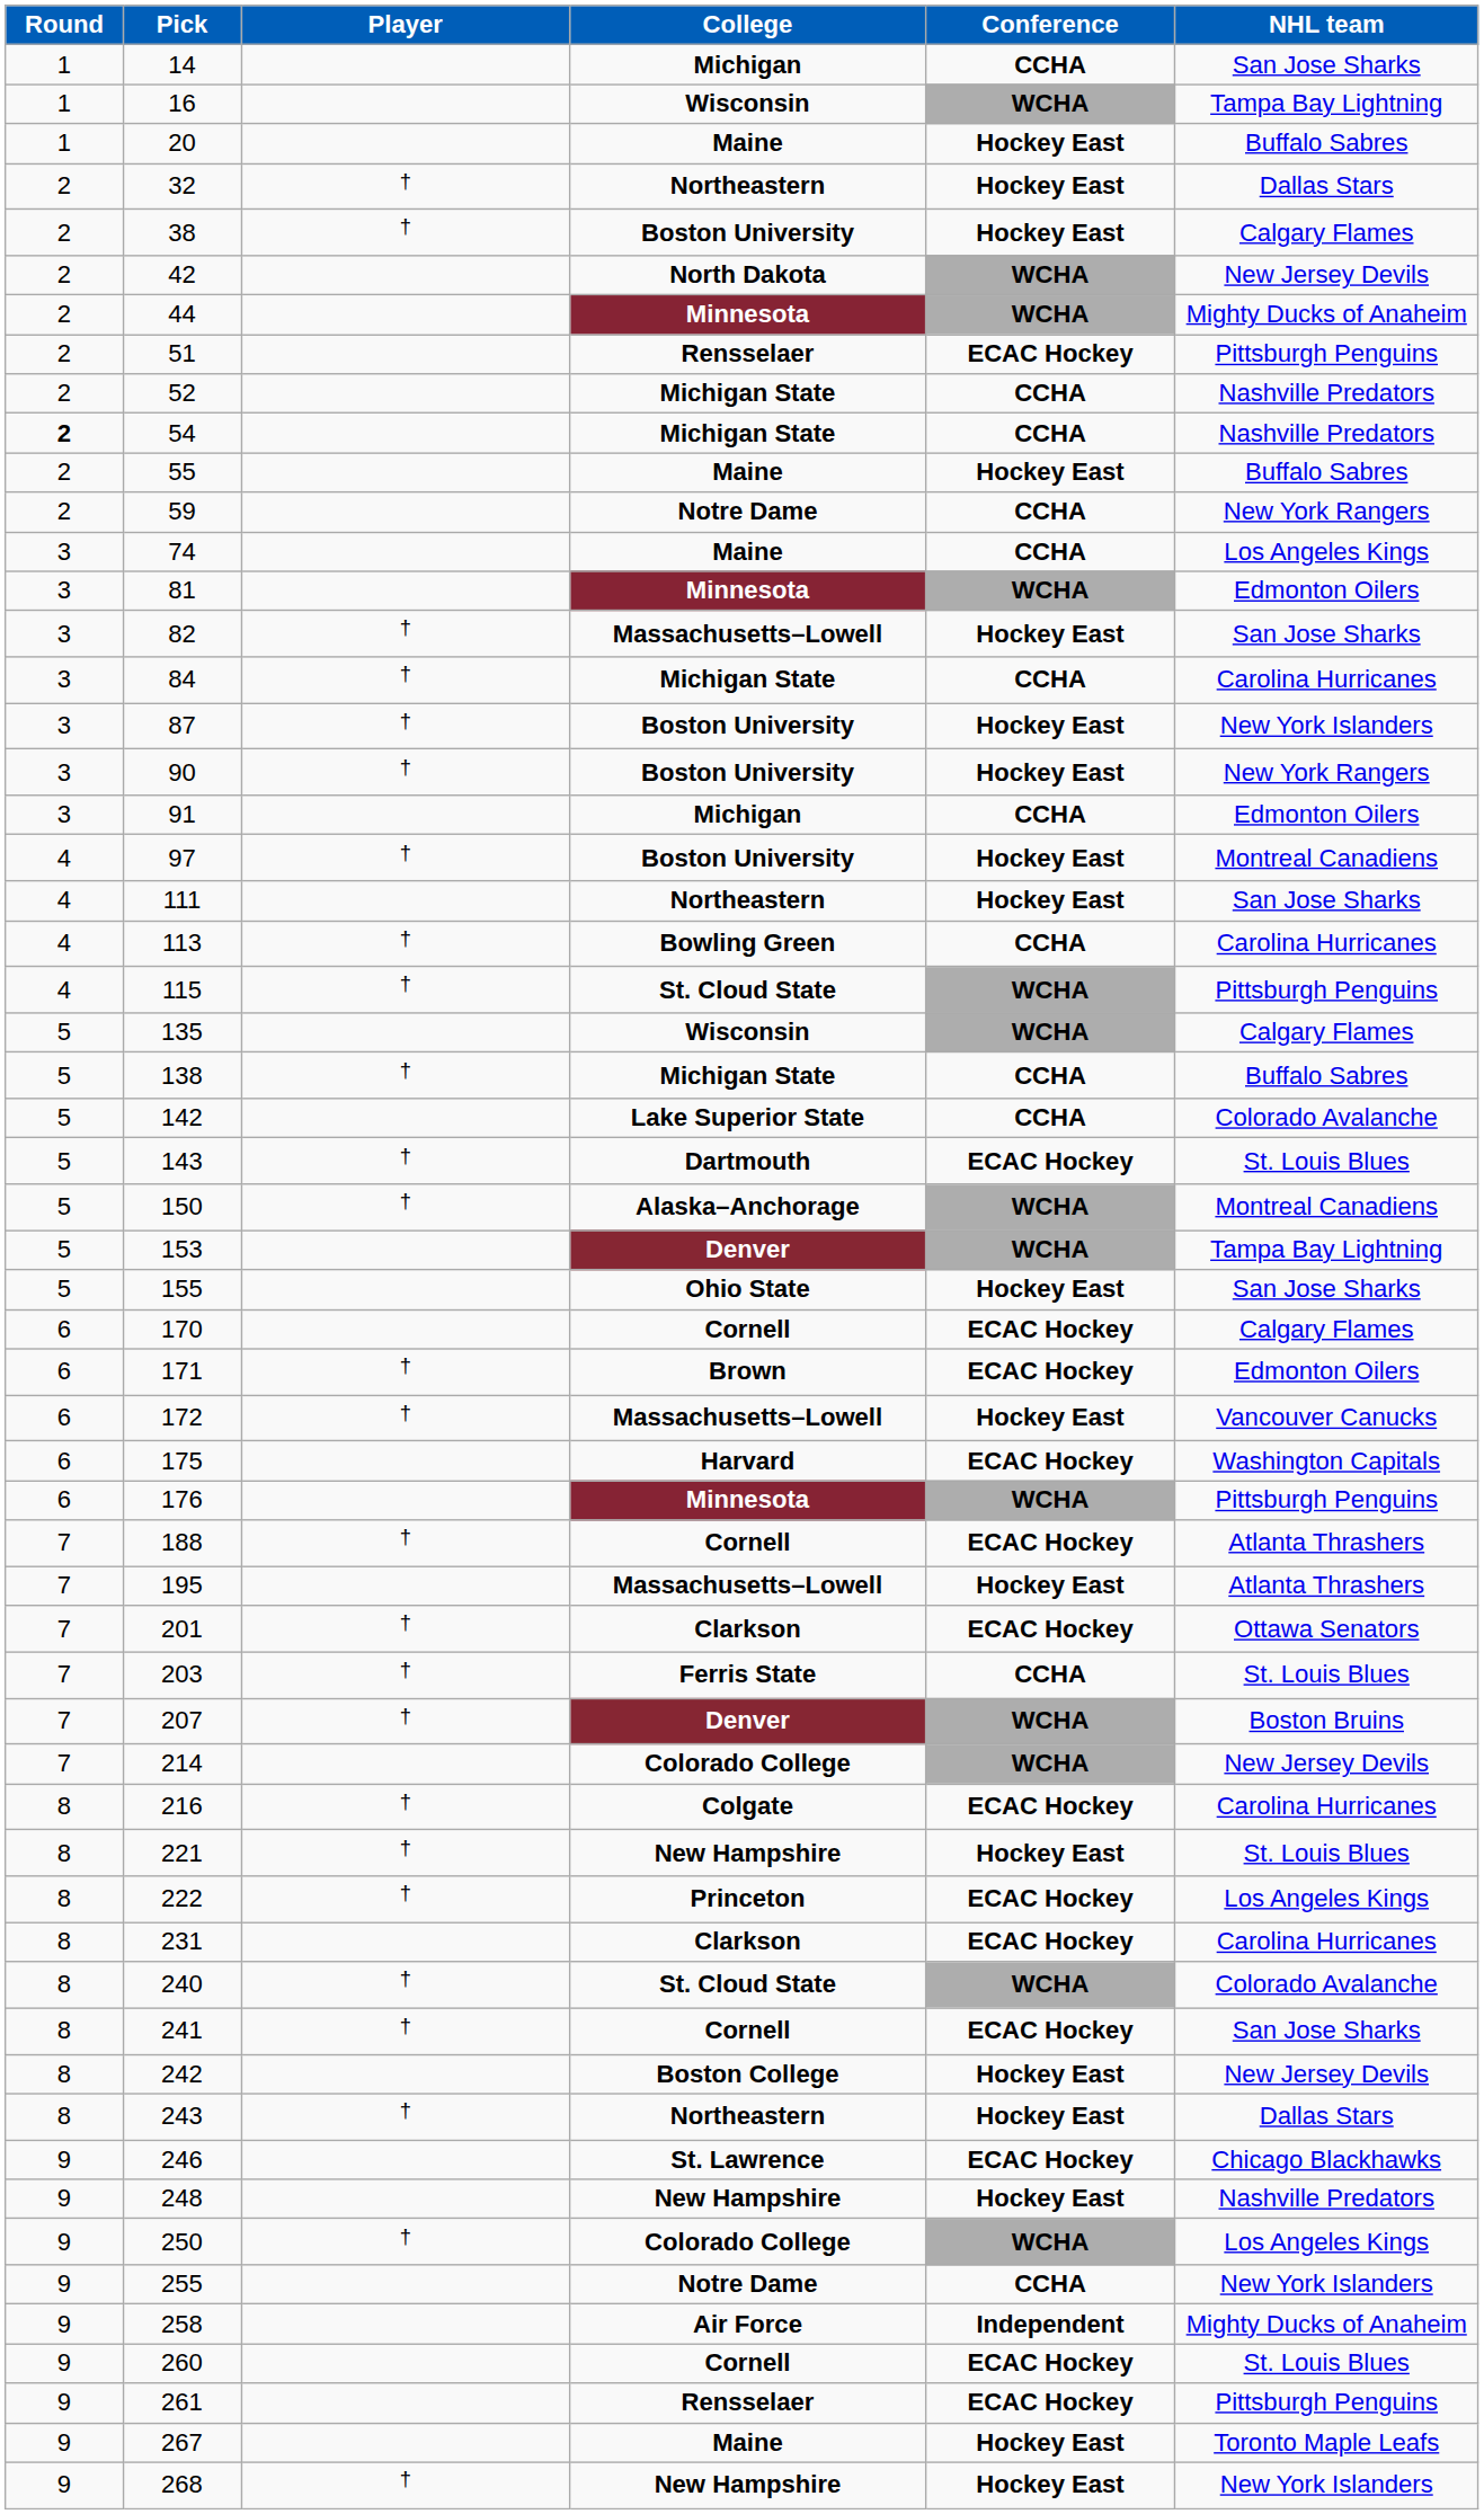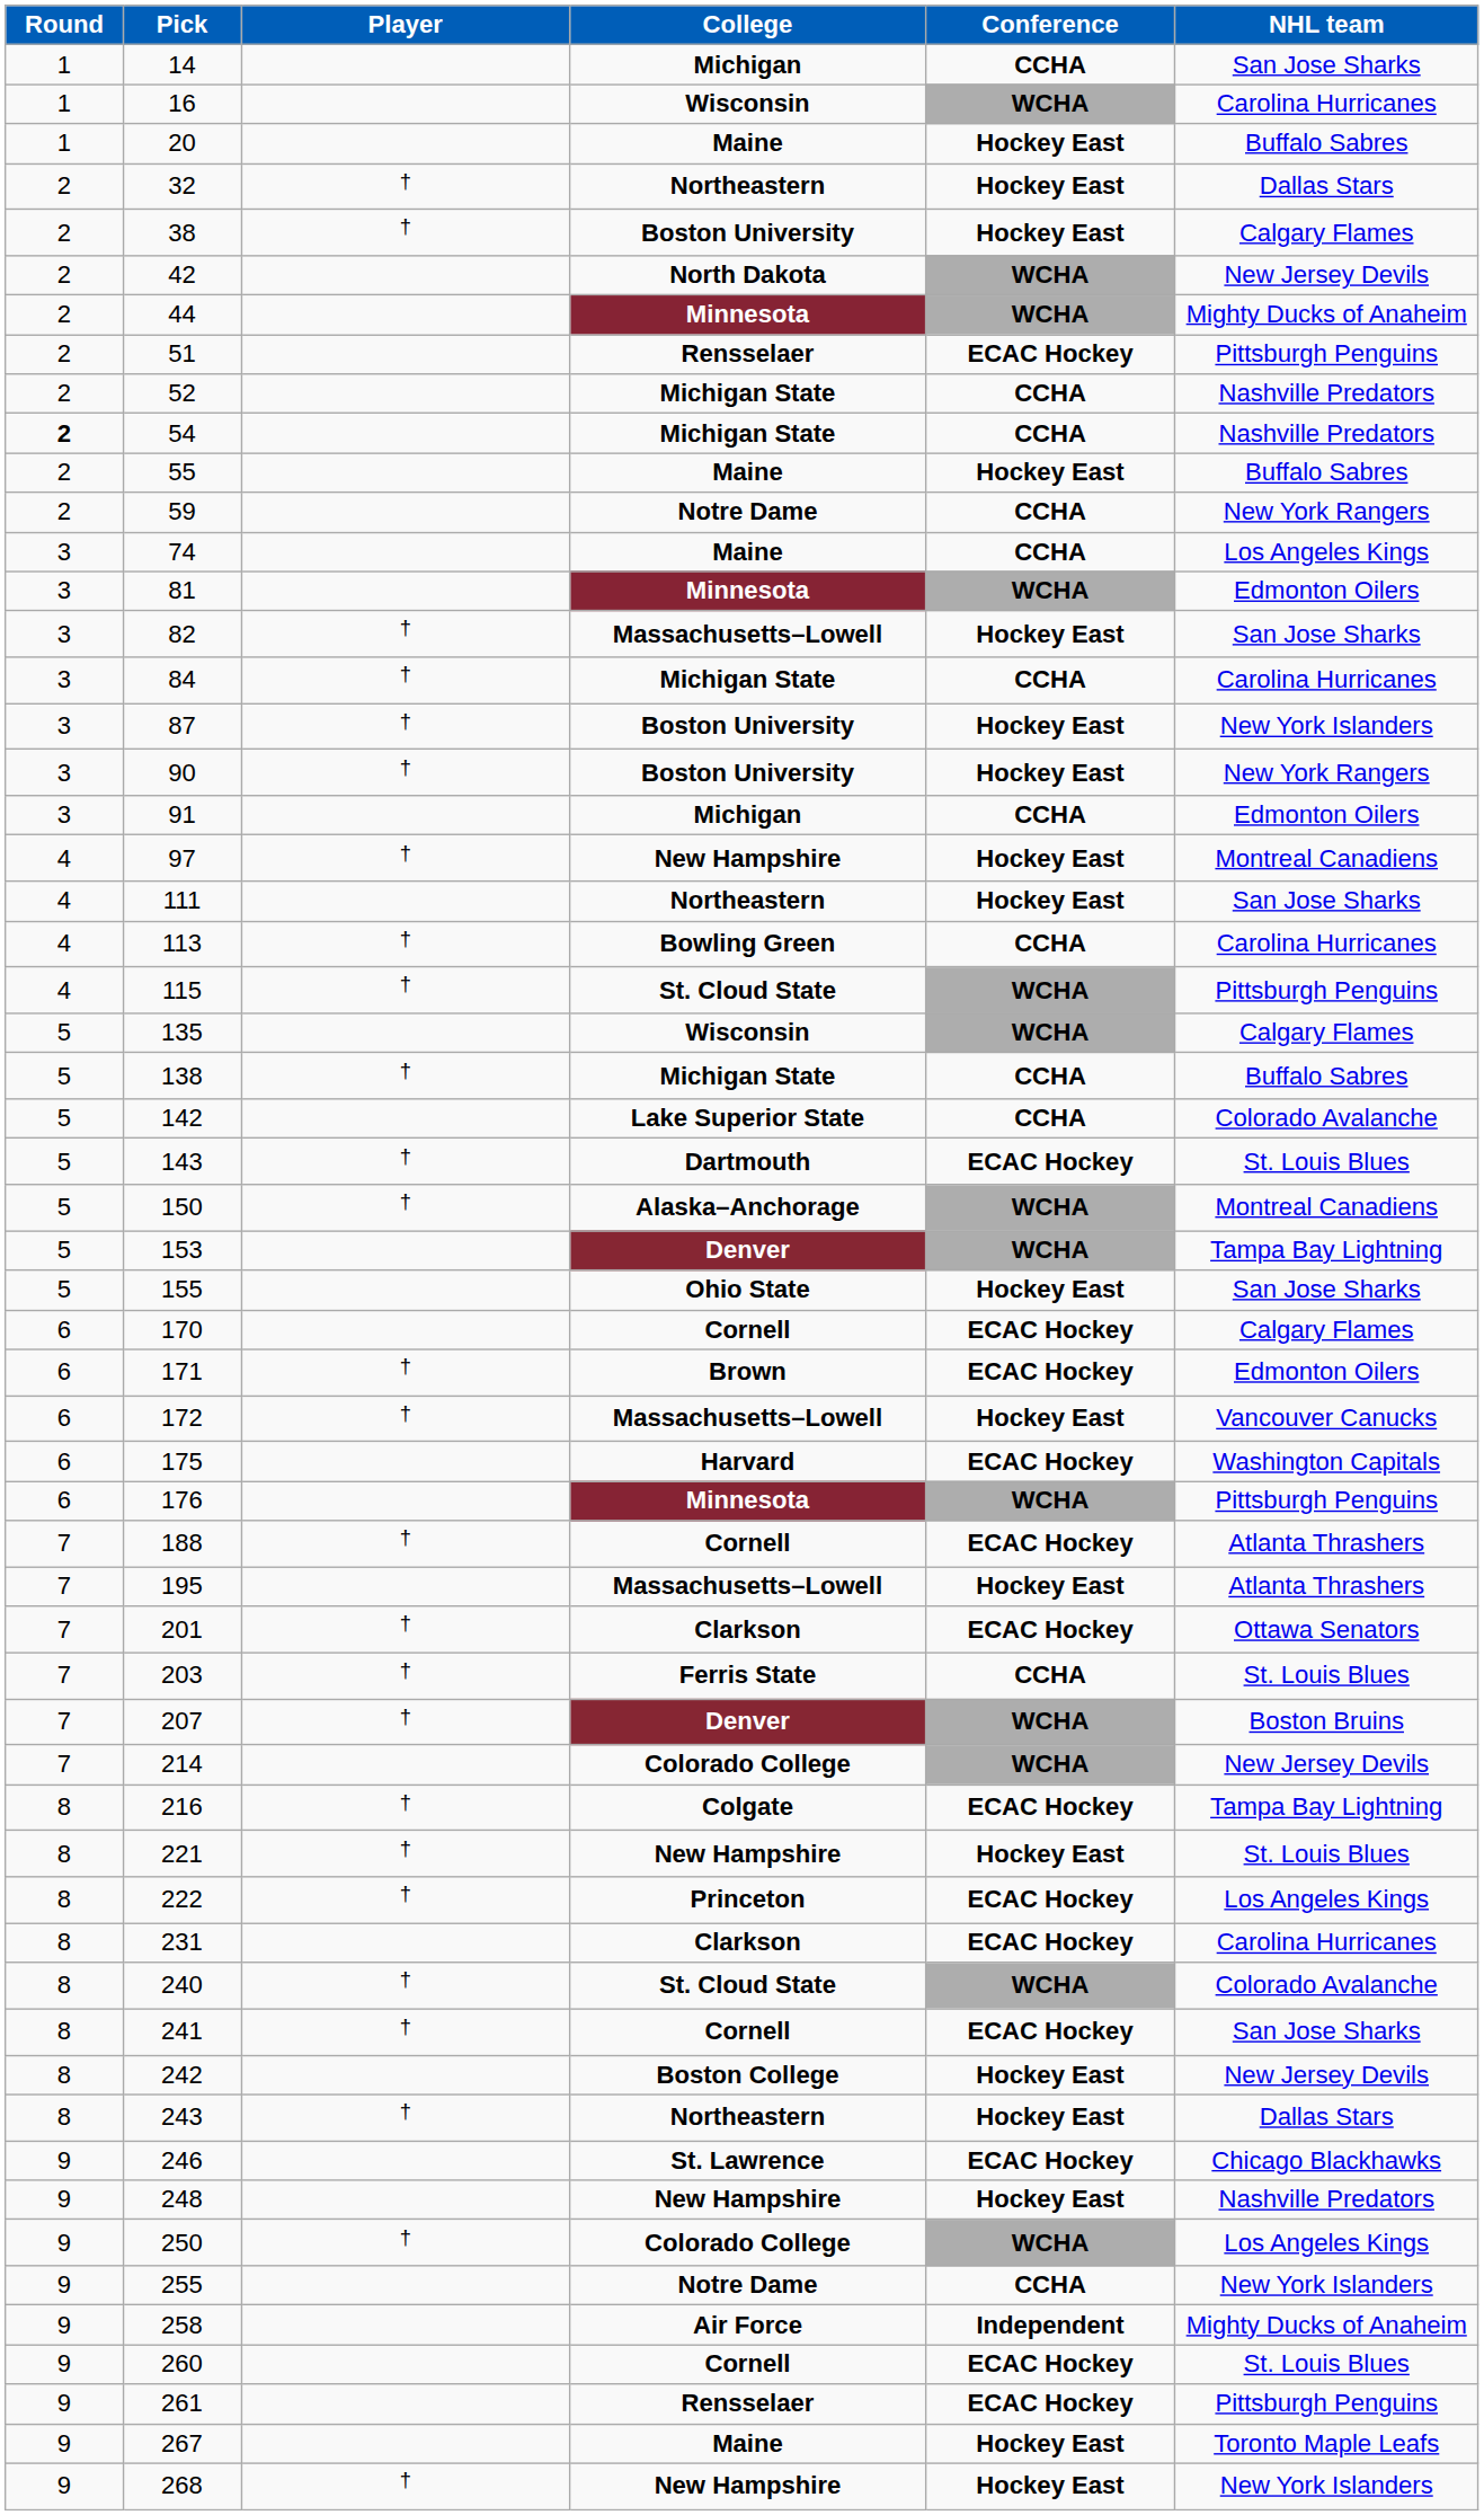 <table class="wikitable sortable" width="75%">
 <tr>
 <th style="color:white; background-color:#005EB8; width: 4em;">Round</th>
 <th style="color:white; background-color:#005EB8; width: 4em;">Pick</th>
 <th style="color:white; background-color:#005EB8; width: 12em;">Player</th>
 <th style="color:white; background-color:#005EB8; width: 13em;">College</th>
 <th style="color:white; background-color:#005EB8; width: 9em;">Conference</th>
 <th style="color:white; background-color:#005EB8; width: 11em;">NHL team</th>
 </tr>
 <tr align="center" bgcolor="">
 <td>1</td>
 <td>14</td>
 <td></td>
 <td><strong>Michigan</strong></td>
 <td><strong>CCHA</strong></td>
 <td><a href='#'>San Jose Sharks</a></td>
 </tr>
 <tr align="center" bgcolor="">
 <td>1</td>
 <td>16</td>
 <td></td>
 <td><strong>Wisconsin</strong></td>
 <td style="color:black; background:#ADADAD; "><strong>WCHA</strong></td>
-<td><a href='#'>Tampa Bay Lightning</a></td>
+<td><a href='#'>Carolina Hurricanes</a></td>
 </tr>
 <tr align="center" bgcolor="">
 <td>1</td>
 <td>20</td>
 <td></td>
 <td><strong>Maine</strong></td>
 <td><strong>Hockey East</strong></td>
 <td><a href='#'>Buffalo Sabres</a></td>
 </tr>
 <tr align="center" bgcolor="">
 <td>2</td>
 <td>32</td>
 <td> <sup>†</sup></td>
 <td><strong>Northeastern</strong></td>
 <td><strong>Hockey East</strong></td>
 <td><a href='#'>Dallas Stars</a></td>
 </tr>
 <tr align="center" bgcolor="">
 <td>2</td>
 <td>38</td>
 <td> <sup>†</sup></td>
 <td><strong>Boston University</strong></td>
 <td><strong>Hockey East</strong></td>
 <td><a href='#'>Calgary Flames</a></td>
 </tr>
 <tr align="center" bgcolor="">
 <td>2</td>
 <td>42</td>
 <td></td>
 <td><strong>North Dakota</strong></td>
 <td style="color:black; background:#ADADAD; "><strong>WCHA</strong></td>
 <td><a href='#'>New Jersey Devils</a></td>
 </tr>
 <tr align="center" bgcolor="">
 <td>2</td>
 <td>44</td>
 <td></td>
 <td style="color:white; background:#862334; "><strong>Minnesota</strong></td>
 <td style="color:black; background:#ADADAD; "><strong>WCHA</strong></td>
 <td><a href='#'>Mighty Ducks of Anaheim</a></td>
 </tr>
 <tr align="center" bgcolor="">
 <td>2</td>
 <td>51</td>
 <td></td>
 <td><strong>Rensselaer</strong></td>
 <td><strong>ECAC Hockey</strong></td>
 <td><a href='#'>Pittsburgh Penguins</a></td>
 </tr>
 <tr align="center" bgcolor="">
 <td>2</td>
 <td>52</td>
 <td></td>
 <td><strong>Michigan State</strong></td>
 <td><strong>CCHA</strong></td>
 <td><a href='#'>Nashville Predators</a></td>
 </tr>
 <tr align="center" bgcolor="">
 <td><strong>2</strong></td>
 <td>54</td>
 <td></td>
 <td><strong>Michigan State</strong></td>
 <td><strong>CCHA</strong></td>
 <td><a href='#'>Nashville Predators</a></td>
 </tr>
 <tr align="center" bgcolor="">
 <td>2</td>
 <td>55</td>
 <td></td>
 <td><strong>Maine</strong></td>
 <td><strong>Hockey East</strong></td>
 <td><a href='#'>Buffalo Sabres</a></td>
 </tr>
 <tr align="center" bgcolor="">
 <td>2</td>
 <td>59</td>
 <td></td>
 <td><strong>Notre Dame</strong></td>
 <td><strong>CCHA</strong></td>
 <td><a href='#'>New York Rangers</a></td>
 </tr>
 <tr align="center" bgcolor="">
 <td>3</td>
 <td>74</td>
 <td></td>
 <td><strong>Maine</strong></td>
 <td><strong>CCHA</strong></td>
 <td><a href='#'>Los Angeles Kings</a></td>
 </tr>
 <tr align="center" bgcolor="">
 <td>3</td>
 <td>81</td>
 <td></td>
 <td style="color:white; background:#862334; "><strong>Minnesota</strong></td>
 <td style="color:black; background:#ADADAD; "><strong>WCHA</strong></td>
 <td><a href='#'>Edmonton Oilers</a></td>
 </tr>
 <tr align="center" bgcolor="">
 <td>3</td>
 <td>82</td>
 <td> <sup>†</sup></td>
 <td><strong>Massachusetts–Lowell</strong></td>
 <td><strong>Hockey East</strong></td>
 <td><a href='#'>San Jose Sharks</a></td>
 </tr>
 <tr align="center" bgcolor="">
 <td>3</td>
 <td>84</td>
 <td> <sup>†</sup></td>
 <td><strong>Michigan State</strong></td>
 <td><strong>CCHA</strong></td>
 <td><a href='#'>Carolina Hurricanes</a></td>
 </tr>
 <tr align="center" bgcolor="">
 <td>3</td>
 <td>87</td>
 <td> <sup>†</sup></td>
 <td><strong>Boston University</strong></td>
 <td><strong>Hockey East</strong></td>
 <td><a href='#'>New York Islanders</a></td>
 </tr>
 <tr align="center" bgcolor="">
 <td>3</td>
 <td>90</td>
 <td> <sup>†</sup></td>
 <td><strong>Boston University</strong></td>
 <td><strong>Hockey East</strong></td>
 <td><a href='#'>New York Rangers</a></td>
 </tr>
 <tr align="center" bgcolor="">
 <td>3</td>
 <td>91</td>
 <td></td>
 <td><strong>Michigan</strong></td>
 <td><strong>CCHA</strong></td>
 <td><a href='#'>Edmonton Oilers</a></td>
 </tr>
 <tr align="center" bgcolor="">
 <td>4</td>
 <td>97</td>
 <td> <sup>†</sup></td>
-<td><strong>Boston University</strong></td>
+<td><strong>New Hampshire</strong></td>
 <td><strong>Hockey East</strong></td>
 <td><a href='#'>Montreal Canadiens</a></td>
 </tr>
 <tr align="center" bgcolor="">
 <td>4</td>
 <td>111</td>
 <td></td>
 <td><strong>Northeastern</strong></td>
 <td><strong>Hockey East</strong></td>
 <td><a href='#'>San Jose Sharks</a></td>
 </tr>
 <tr align="center" bgcolor="">
 <td>4</td>
 <td>113</td>
 <td> <sup>†</sup></td>
 <td><strong>Bowling Green</strong></td>
 <td><strong>CCHA</strong></td>
 <td><a href='#'>Carolina Hurricanes</a></td>
 </tr>
 <tr align="center" bgcolor="">
 <td>4</td>
 <td>115</td>
 <td> <sup>†</sup></td>
 <td><strong>St. Cloud State</strong></td>
 <td style="color:black; background:#ADADAD; "><strong>WCHA</strong></td>
 <td><a href='#'>Pittsburgh Penguins</a></td>
 </tr>
 <tr align="center" bgcolor="">
 <td>5</td>
 <td>135</td>
 <td></td>
 <td><strong>Wisconsin</strong></td>
 <td style="color:black; background:#ADADAD; "><strong>WCHA</strong></td>
 <td><a href='#'>Calgary Flames</a></td>
 </tr>
 <tr align="center" bgcolor="">
 <td>5</td>
 <td>138</td>
 <td> <sup>†</sup></td>
 <td><strong>Michigan State</strong></td>
 <td><strong>CCHA</strong></td>
 <td><a href='#'>Buffalo Sabres</a></td>
 </tr>
 <tr align="center" bgcolor="">
 <td>5</td>
 <td>142</td>
 <td></td>
 <td><strong>Lake Superior State</strong></td>
 <td><strong>CCHA</strong></td>
 <td><a href='#'>Colorado Avalanche</a></td>
 </tr>
 <tr align="center" bgcolor="">
 <td>5</td>
 <td>143</td>
 <td> <sup>†</sup></td>
 <td><strong>Dartmouth</strong></td>
 <td><strong>ECAC Hockey</strong></td>
 <td><a href='#'>St. Louis Blues</a></td>
 </tr>
 <tr align="center" bgcolor="">
 <td>5</td>
 <td>150</td>
 <td> <sup>†</sup></td>
 <td><strong>Alaska–Anchorage</strong></td>
 <td style="color:black; background:#ADADAD; "><strong>WCHA</strong></td>
 <td><a href='#'>Montreal Canadiens</a></td>
 </tr>
 <tr align="center" bgcolor="">
 <td>5</td>
 <td>153</td>
 <td></td>
 <td style="color:white; background:#862633; "><strong>Denver</strong></td>
 <td style="color:black; background:#ADADAD; "><strong>WCHA</strong></td>
 <td><a href='#'>Tampa Bay Lightning</a></td>
 </tr>
 <tr align="center" bgcolor="">
 <td>5</td>
 <td>155</td>
 <td></td>
 <td><strong>Ohio State</strong></td>
 <td><strong>Hockey East</strong></td>
 <td><a href='#'>San Jose Sharks</a></td>
 </tr>
 <tr align="center" bgcolor="">
 <td>6</td>
 <td>170</td>
 <td></td>
 <td><strong>Cornell</strong></td>
 <td><strong>ECAC Hockey</strong></td>
 <td><a href='#'>Calgary Flames</a></td>
 </tr>
 <tr align="center" bgcolor="">
 <td>6</td>
 <td>171</td>
 <td> <sup>†</sup></td>
 <td><strong>Brown</strong></td>
 <td><strong>ECAC Hockey</strong></td>
 <td><a href='#'>Edmonton Oilers</a></td>
 </tr>
 <tr align="center" bgcolor="">
 <td>6</td>
 <td>172</td>
 <td> <sup>†</sup></td>
 <td><strong>Massachusetts–Lowell</strong></td>
 <td><strong>Hockey East</strong></td>
 <td><a href='#'>Vancouver Canucks</a></td>
 </tr>
 <tr align="center" bgcolor="">
 <td>6</td>
 <td>175</td>
 <td></td>
 <td><strong>Harvard</strong></td>
 <td><strong>ECAC Hockey</strong></td>
 <td><a href='#'>Washington Capitals</a></td>
 </tr>
 <tr align="center" bgcolor="">
 <td>6</td>
 <td>176</td>
 <td></td>
 <td style="color:white; background:#862334; "><strong>Minnesota</strong></td>
 <td style="color:black; background:#ADADAD; "><strong>WCHA</strong></td>
 <td><a href='#'>Pittsburgh Penguins</a></td>
 </tr>
 <tr align="center" bgcolor="">
 <td>7</td>
 <td>188</td>
 <td> <sup>†</sup></td>
 <td><strong>Cornell</strong></td>
 <td><strong>ECAC Hockey</strong></td>
 <td><a href='#'>Atlanta Thrashers</a></td>
 </tr>
 <tr align="center" bgcolor="">
 <td>7</td>
 <td>195</td>
 <td></td>
 <td><strong>Massachusetts–Lowell</strong></td>
 <td><strong>Hockey East</strong></td>
 <td><a href='#'>Atlanta Thrashers</a></td>
 </tr>
 <tr align="center" bgcolor="">
 <td>7</td>
 <td>201</td>
 <td> <sup>†</sup></td>
 <td><strong>Clarkson</strong></td>
 <td><strong>ECAC Hockey</strong></td>
 <td><a href='#'>Ottawa Senators</a></td>
 </tr>
 <tr align="center" bgcolor="">
 <td>7</td>
 <td>203</td>
 <td> <sup>†</sup></td>
 <td><strong>Ferris State</strong></td>
 <td><strong>CCHA</strong></td>
 <td><a href='#'>St. Louis Blues</a></td>
 </tr>
 <tr align="center" bgcolor="">
 <td>7</td>
 <td>207</td>
 <td> <sup>†</sup></td>
 <td style="color:white; background:#862633; "><strong>Denver</strong></td>
 <td style="color:black; background:#ADADAD; "><strong>WCHA</strong></td>
 <td><a href='#'>Boston Bruins</a></td>
 </tr>
 <tr align="center" bgcolor="">
 <td>7</td>
 <td>214</td>
 <td></td>
 <td><strong>Colorado College</strong></td>
 <td style="color:black; background:#ADADAD; "><strong>WCHA</strong></td>
 <td><a href='#'>New Jersey Devils</a></td>
 </tr>
 <tr align="center" bgcolor="">
 <td>8</td>
 <td>216</td>
 <td> <sup>†</sup></td>
 <td><strong>Colgate</strong></td>
 <td><strong>ECAC Hockey</strong></td>
-<td><a href='#'>Carolina Hurricanes</a></td>
+<td><a href='#'>Tampa Bay Lightning</a></td>
 </tr>
 <tr align="center" bgcolor="">
 <td>8</td>
 <td>221</td>
 <td> <sup>†</sup></td>
 <td><strong>New Hampshire</strong></td>
 <td><strong>Hockey East</strong></td>
 <td><a href='#'>St. Louis Blues</a></td>
 </tr>
 <tr align="center" bgcolor="">
 <td>8</td>
 <td>222</td>
 <td> <sup>†</sup></td>
 <td><strong>Princeton</strong></td>
 <td><strong>ECAC Hockey</strong></td>
 <td><a href='#'>Los Angeles Kings</a></td>
 </tr>
 <tr align="center" bgcolor="">
 <td>8</td>
 <td>231</td>
 <td></td>
 <td><strong>Clarkson</strong></td>
 <td><strong>ECAC Hockey</strong></td>
 <td><a href='#'>Carolina Hurricanes</a></td>
 </tr>
 <tr align="center" bgcolor="">
 <td>8</td>
 <td>240</td>
 <td> <sup>†</sup></td>
 <td><strong>St. Cloud State</strong></td>
 <td style="color:black; background:#ADADAD; "><strong>WCHA</strong></td>
 <td><a href='#'>Colorado Avalanche</a></td>
 </tr>
 <tr align="center" bgcolor="">
 <td>8</td>
 <td>241</td>
 <td> <sup>†</sup></td>
 <td><strong>Cornell</strong></td>
 <td><strong>ECAC Hockey</strong></td>
 <td><a href='#'>San Jose Sharks</a></td>
 </tr>
 <tr align="center" bgcolor="">
 <td>8</td>
 <td>242</td>
 <td></td>
 <td><strong>Boston College</strong></td>
 <td><strong>Hockey East</strong></td>
 <td><a href='#'>New Jersey Devils</a></td>
 </tr>
 <tr align="center" bgcolor="">
 <td>8</td>
 <td>243</td>
 <td> <sup>†</sup></td>
 <td><strong>Northeastern</strong></td>
 <td><strong>Hockey East</strong></td>
 <td><a href='#'>Dallas Stars</a></td>
 </tr>
 <tr align="center" bgcolor="">
 <td>9</td>
 <td>246</td>
 <td></td>
 <td><strong>St. Lawrence</strong></td>
 <td><strong>ECAC Hockey</strong></td>
 <td><a href='#'>Chicago Blackhawks</a></td>
 </tr>
 <tr align="center" bgcolor="">
 <td>9</td>
 <td>248</td>
 <td></td>
 <td><strong>New Hampshire</strong></td>
 <td><strong>Hockey East</strong></td>
 <td><a href='#'>Nashville Predators</a></td>
 </tr>
 <tr align="center" bgcolor="">
 <td>9</td>
 <td>250</td>
 <td> <sup>†</sup></td>
 <td><strong>Colorado College</strong></td>
 <td style="color:black; background:#ADADAD; "><strong>WCHA</strong></td>
 <td><a href='#'>Los Angeles Kings</a></td>
 </tr>
 <tr align="center" bgcolor="">
 <td>9</td>
 <td>255</td>
 <td></td>
 <td><strong>Notre Dame</strong></td>
 <td><strong>CCHA</strong></td>
 <td><a href='#'>New York Islanders</a></td>
 </tr>
 <tr align="center" bgcolor="">
 <td>9</td>
 <td>258</td>
 <td></td>
 <td><strong>Air Force</strong></td>
 <td><strong>Independent</strong></td>
 <td><a href='#'>Mighty Ducks of Anaheim</a></td>
 </tr>
 <tr align="center" bgcolor="">
 <td>9</td>
 <td>260</td>
 <td></td>
 <td><strong>Cornell</strong></td>
 <td><strong>ECAC Hockey</strong></td>
 <td><a href='#'>St. Louis Blues</a></td>
 </tr>
 <tr align="center" bgcolor="">
 <td>9</td>
 <td>261</td>
 <td></td>
 <td><strong>Rensselaer</strong></td>
 <td><strong>ECAC Hockey</strong></td>
 <td><a href='#'>Pittsburgh Penguins</a></td>
 </tr>
 <tr align="center" bgcolor="">
 <td>9</td>
 <td>267</td>
 <td></td>
 <td><strong>Maine</strong></td>
 <td><strong>Hockey East</strong></td>
 <td><a href='#'>Toronto Maple Leafs</a></td>
 </tr>
 <tr align="center" bgcolor="">
 <td>9</td>
 <td>268</td>
 <td> <sup>†</sup></td>
 <td><strong>New Hampshire</strong></td>
 <td><strong>Hockey East</strong></td>
 <td><a href='#'>New York Islanders</a></td>
 </tr>
 </table>
